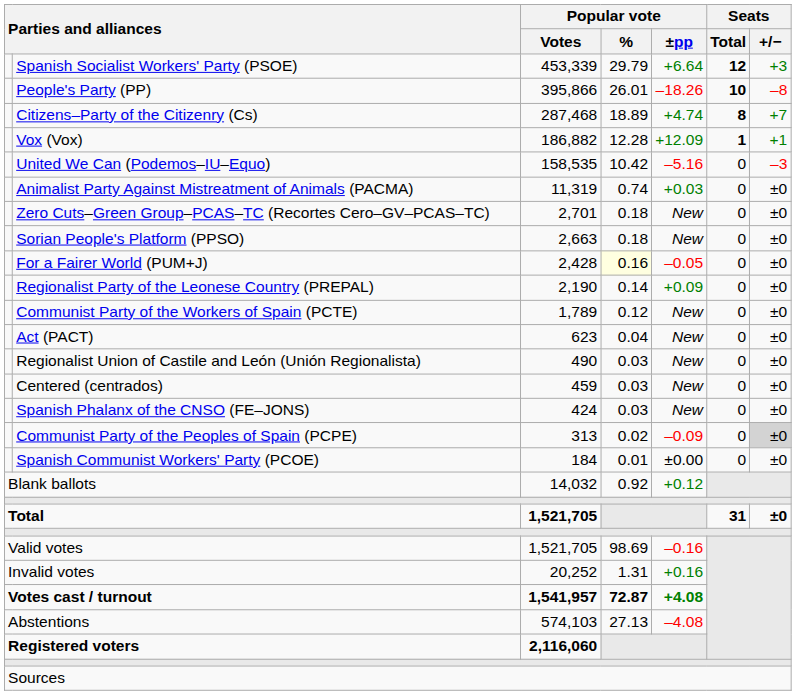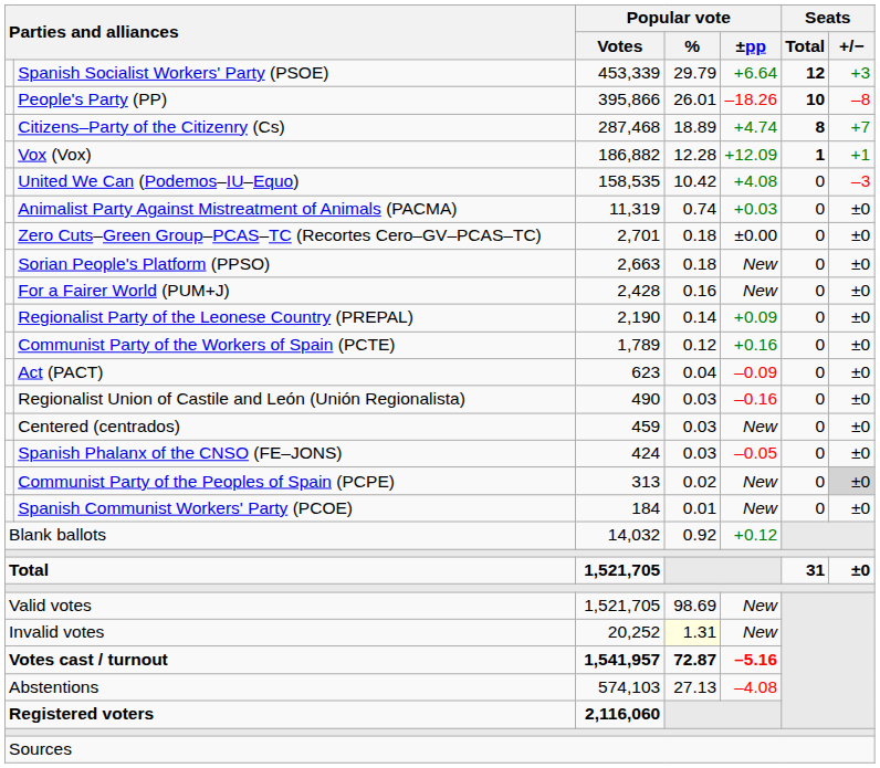 <table class="wikitable" style="text-align:right;">
 <tr>
 <th style="text-align:left;" rowspan="2" colspan="2" width="525">Parties and alliances</th>
 <th colspan="3">Popular vote</th>
 <th colspan="2">Seats</th>
 </tr>
 <tr>
 <th width="75">Votes</th>
 <th width="45">%</th>
 <th width="45">±<a href='#'>pp</a></th>
 <th width="35">Total</th>
 <th width="35">+/−</th>
 </tr>
 <tr>
 <td width="1" style="color:inherit;background:"></td>
 <td align="left"><a href='#'>Spanish Socialist Workers' Party</a> (PSOE)</td>
 <td>453,339</td>
 <td>29.79</td>
 <td style="color:green;">+6.64</td>
 <td><strong>12</strong></td>
 <td style="color:green;">+3</td>
 </tr>
 <tr>
 <td style="color:inherit;background:"></td>
 <td align="left"><a href='#'>People's Party</a> (PP)</td>
 <td>395,866</td>
 <td>26.01</td>
 <td style="color:red;">–18.26</td>
 <td><strong>10</strong></td>
 <td style="color:red;">–8</td>
 </tr>
 <tr>
 <td style="color:inherit;background:"></td>
 <td align="left"><a href='#'>Citizens–Party of the Citizenry</a> (Cs)</td>
 <td>287,468</td>
 <td>18.89</td>
 <td style="color:green;">+4.74</td>
 <td><strong>8</strong></td>
 <td style="color:green;">+7</td>
 </tr>
 <tr>
 <td style="color:inherit;background:"></td>
 <td align="left"><a href='#'>Vox</a> (Vox)</td>
 <td>186,882</td>
 <td>12.28</td>
 <td style="color:green;">+12.09</td>
 <td><strong>1</strong></td>
 <td style="color:green;">+1</td>
 </tr>
 <tr>
 <td style="color:inherit;background:"></td>
 <td align="left"><a href='#'>United We Can</a> (<a href='#'>Podemos</a>–<a href='#'>IU</a>–<a href='#'>Equo</a>)</td>
 <td>158,535</td>
 <td>10.42</td>
-<td style="color:red;">–5.16</td>
+<td style="color:green;">+4.08</td>
 <td>0</td>
 <td style="color:red;">–3</td>
 </tr>
 <tr>
 <td style="color:inherit;background:"></td>
 <td align="left"><a href='#'>Animalist Party Against Mistreatment of Animals</a> (PACMA)</td>
 <td>11,319</td>
 <td>0.74</td>
 <td style="color:green;">+0.03</td>
 <td>0</td>
 <td>±0</td>
 </tr>
 <tr>
 <td style="color:inherit;background:"></td>
 <td align="left"><a href='#'>Zero Cuts</a>–<a href='#'>Green Group</a>–<a href='#'>PCAS</a>–<a href='#'>TC</a> (Recortes Cero–GV–PCAS–TC)</td>
 <td>2,701</td>
 <td>0.18</td>
-<td><em>New</em></td>
+<td>±0.00</td>
 <td>0</td>
 <td>±0</td>
 </tr>
 <tr>
 <td style="color:inherit;background:"></td>
 <td align="left"><a href='#'>Sorian People's Platform</a> (PPSO)</td>
 <td>2,663</td>
 <td>0.18</td>
 <td><em>New</em></td>
 <td>0</td>
 <td>±0</td>
 </tr>
 <tr>
 <td style="color:inherit;background:"></td>
 <td align="left"><a href='#'>For a Fairer World</a> (PUM+J)</td>
 <td>2,428</td>
-<td style="background: lightyellow;">0.16</td>
-<td style="color:red;">–0.05</td>
+<td>0.16</td>
+<td><em>New</em></td>
 <td>0</td>
 <td>±0</td>
 </tr>
 <tr>
 <td style="color:inherit;background:"></td>
 <td align="left"><a href='#'>Regionalist Party of the Leonese Country</a> (PREPAL)</td>
 <td>2,190</td>
 <td>0.14</td>
 <td style="color:green;">+0.09</td>
 <td>0</td>
 <td>±0</td>
 </tr>
 <tr>
 <td style="color:inherit;background:"></td>
 <td align="left"><a href='#'>Communist Party of the Workers of Spain</a> (PCTE)</td>
 <td>1,789</td>
 <td>0.12</td>
-<td><em>New</em></td>
+<td style="color:green;">+0.16</td>
 <td>0</td>
 <td>±0</td>
 </tr>
 <tr>
 <td style="color:inherit;background:"></td>
 <td align="left"><a href='#'>Act</a> (PACT)</td>
 <td>623</td>
 <td>0.04</td>
-<td><em>New</em></td>
+<td style="color:red;">–0.09</td>
 <td>0</td>
 <td>±0</td>
 </tr>
 <tr>
 <td style="color:inherit;background:"></td>
 <td align="left">Regionalist Union of Castile and León (Unión Regionalista)</td>
 <td>490</td>
 <td>0.03</td>
-<td><em>New</em></td>
+<td style="color:red;">–0.16</td>
 <td>0</td>
 <td>±0</td>
 </tr>
 <tr>
 <td style="color:inherit;background:"></td>
 <td align="left">Centered (centrados)</td>
 <td>459</td>
 <td>0.03</td>
 <td><em>New</em></td>
 <td>0</td>
 <td>±0</td>
 </tr>
 <tr>
 <td style="color:inherit;background:"></td>
 <td align="left"><a href='#'>Spanish Phalanx of the CNSO</a> (FE–JONS)</td>
 <td>424</td>
 <td>0.03</td>
-<td><em>New</em></td>
+<td style="color:red;">–0.05</td>
 <td>0</td>
 <td>±0</td>
 </tr>
 <tr>
 <td style="color:inherit;background:"></td>
 <td align="left"><a href='#'>Communist Party of the Peoples of Spain</a> (PCPE)</td>
 <td>313</td>
 <td>0.02</td>
-<td style="color:red;">–0.09</td>
+<td><em>New</em></td>
 <td>0</td>
 <td style="background: lightgrey;">±0</td>
 </tr>
 <tr>
 <td style="color:inherit;background:"></td>
 <td align="left"><a href='#'>Spanish Communist Workers' Party</a> (PCOE)</td>
 <td>184</td>
 <td>0.01</td>
-<td>±0.00</td>
+<td><em>New</em></td>
 <td>0</td>
 <td>±0</td>
 </tr>
 <tr>
 <td align="left" colspan="2">Blank ballots</td>
 <td>14,032</td>
 <td>0.92</td>
 <td style="color:green;">+0.12</td>
 <td bgcolor="#E9E9E9" colspan="2"></td>
 </tr>
 <tr>
 <td colspan="7" bgcolor="#E9E9E9"></td>
 </tr>
 <tr style="font-weight:bold;">
 <td align="left" colspan="2">Total</td>
 <td>1,521,705</td>
 <td bgcolor="#E9E9E9" colspan="2"></td>
 <td>31</td>
 <td>±0</td>
 </tr>
 <tr>
 <td colspan="7" bgcolor="#E9E9E9"></td>
 </tr>
 <tr>
 <td align="left" colspan="2">Valid votes</td>
 <td>1,521,705</td>
 <td>98.69</td>
-<td style="color:red;">–0.16</td>
+<td><em>New</em></td>
 <td bgcolor="#E9E9E9" colspan="2" rowspan="5"></td>
 </tr>
 <tr>
 <td align="left" colspan="2">Invalid votes</td>
 <td>20,252</td>
-<td>1.31</td>
-<td style="color:green;">+0.16</td>
+<td style="background: lightyellow;">1.31</td>
+<td><em>New</em></td>
 </tr>
 <tr style="font-weight:bold;">
 <td align="left" colspan="2">Votes cast / turnout</td>
 <td>1,541,957</td>
 <td>72.87</td>
-<td style="color:green;">+4.08</td>
+<td style="color:red;">–5.16</td>
 </tr>
 <tr>
 <td align="left" colspan="2">Abstentions</td>
 <td>574,103</td>
 <td>27.13</td>
 <td style="color:red;">–4.08</td>
 </tr>
 <tr style="font-weight:bold;">
 <td align="left" colspan="2">Registered voters</td>
 <td>2,116,060</td>
 <td bgcolor="#E9E9E9" colspan="2"></td>
 </tr>
 <tr>
 <td colspan="7" bgcolor="#E9E9E9"></td>
 </tr>
 <tr>
 <td align="left" colspan="7">Sources</td>
 </tr>
 </table>
